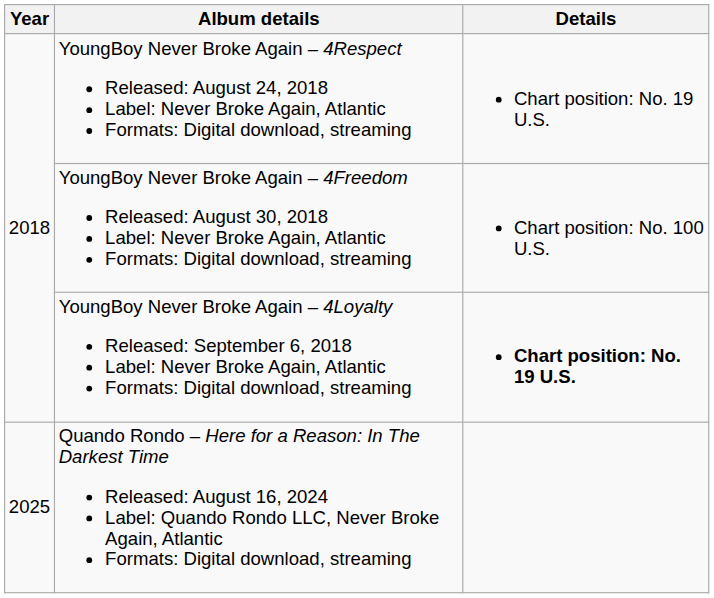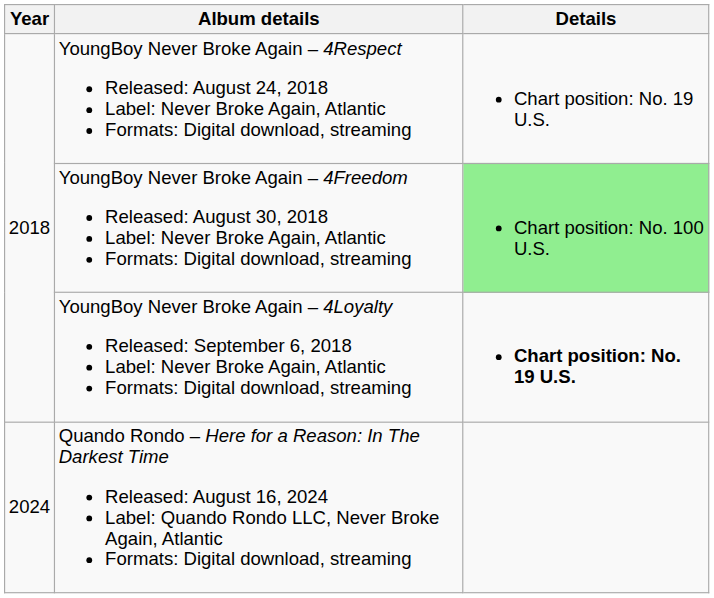 <table class="wikitable sortable">
 <tr>
 <th>Year</th>
 <th class="unsortable">Album details</th>
 <th>Details</th>
 </tr>
 <tr>
 <td rowspan="3" style="text-align: center">2018</td>
 <td>YoungBoy Never Broke Again – <em>4Respect</em><br><ul><li>Released: August 24, 2018</li><li>Label: Never Broke Again, Atlantic</li><li>Formats: Digital download, streaming</li></ul></td>
 <td><br><ul><li>Chart position: No. 19 U.S.</li></ul></td>
 </tr>
 <tr>
 <td>YoungBoy Never Broke Again – <em>4Freedom</em><br><ul><li>Released: August 30, 2018</li><li>Label: Never Broke Again, Atlantic</li><li>Formats: Digital download, streaming</li></ul></td>
-<td><br><ul><li>Chart position: No. 100 U.S.</li></ul></td>
+<td style="background: lightgreen;"><br><ul><li>Chart position: No. 100 U.S.</li></ul></td>
 </tr>
 <tr>
 <td>YoungBoy Never Broke Again – <em>4Loyalty</em><br><ul><li>Released: September 6, 2018</li><li>Label: Never Broke Again, Atlantic</li><li>Formats: Digital download, streaming</li></ul></td>
 <td><strong><br><ul><li>Chart position: No. 19 U.S.</li></ul></strong></td>
 </tr>
 <tr>
-<td rowspan="1" style="text-align: center">2025</td>
+<td rowspan="1" style="text-align: center">2024</td>
 <td>Quando Rondo – <em>Here for a Reason: In The Darkest Time</em><br><ul><li>Released: August 16, 2024</li><li>Label: Quando Rondo LLC, Never Broke Again, Atlantic</li><li>Formats: Digital download, streaming</li></ul></td>
 </tr>
 </table>
